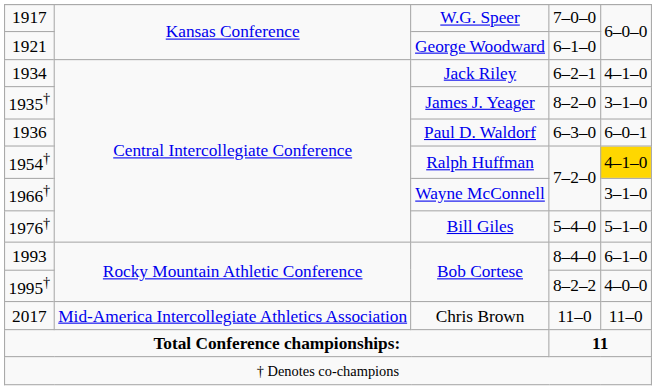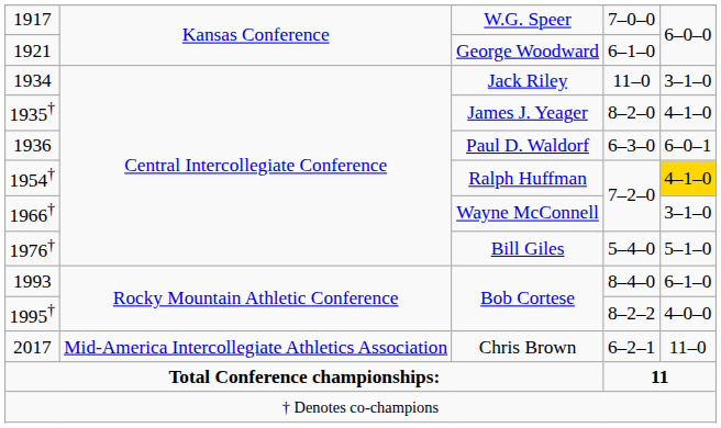 <table class="wikitable" style="text-align:center">
 <tr>
 </tr>
 <tr align="center">
 <td>1917</td>
 <td rowspan="2"><a href='#'>Kansas Conference</a></td>
 <td><a href='#'>W.G. Speer</a></td>
 <td>7–0–0</td>
 <td rowspan="2">6–0–0</td>
 </tr>
 <tr align="center">
 <td>1921</td>
 <td><a href='#'>George Woodward</a></td>
 <td>6–1–0</td>
 </tr>
 <tr align="center">
 <td>1934</td>
 <td rowspan="6"><a href='#'>Central Intercollegiate Conference</a></td>
 <td><a href='#'>Jack Riley</a></td>
-<td>6–2–1</td>
-<td>4–1–0</td>
+<td>11–0</td>
+<td>3–1–0</td>
 </tr>
 <tr align="center">
 <td>1935<sup>†</sup></td>
 <td><a href='#'>James J. Yeager</a></td>
 <td>8–2–0</td>
-<td>3–1–0</td>
+<td>4–1–0</td>
 </tr>
 <tr align="center">
 <td>1936</td>
 <td><a href='#'>Paul D. Waldorf</a></td>
 <td>6–3–0</td>
 <td>6–0–1</td>
 </tr>
 <tr align="center">
 <td>1954<sup>†</sup></td>
 <td><a href='#'>Ralph Huffman</a></td>
 <td rowspan="2">7–2–0</td>
 <td style="background: gold;">4–1–0</td>
 </tr>
 <tr align="center">
 <td>1966<sup>†</sup></td>
 <td><a href='#'>Wayne McConnell</a></td>
 <td>3–1–0</td>
 </tr>
 <tr align="center">
 <td>1976<sup>†</sup></td>
 <td><a href='#'>Bill Giles</a></td>
 <td>5–4–0</td>
 <td>5–1–0</td>
 </tr>
 <tr align="center">
 <td>1993</td>
 <td rowspan="2"><a href='#'>Rocky Mountain Athletic Conference</a></td>
 <td rowspan="2"><a href='#'>Bob Cortese</a></td>
 <td>8–4–0</td>
 <td>6–1–0</td>
 </tr>
 <tr align="center">
 <td>1995<sup>†</sup></td>
 <td>8–2–2</td>
 <td>4–0–0</td>
 </tr>
 <tr align="center">
 <td>2017</td>
 <td><a href='#'>Mid-America Intercollegiate Athletics Association</a></td>
 <td>Chris Brown</td>
-<td>11–0</td>
+<td>6–2–1</td>
 <td>11–0</td>
 </tr>
 <tr align="center">
 <td colspan="3"><strong>Total Conference championships:</strong></td>
 <td colspan="2"><strong>11</strong></td>
 </tr>
 <tr>
 <td colspan=7><small>† Denotes co-champions</small></td>
 </tr>
 </table>
